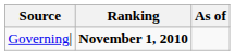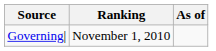 <table class="wikitable" style="text-align:center">
 <tr>
 <th>Source</th>
 <th>Ranking</th>
 <th>As of</th>
 </tr>
 <tr>
 <td align=left><a href='#'>Governing</a>| </td>
-<td><strong>November 1, 2010</strong></td>
+<td>November 1, 2010</td>
 </tr>
 </table>
